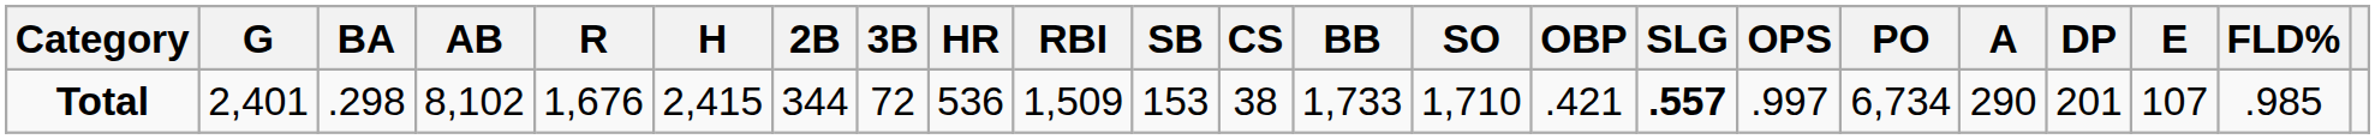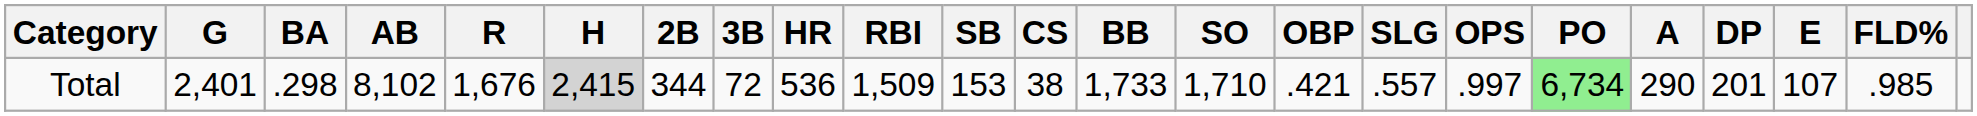 <table class="wikitable"  style="font-size: 95%; text-align:center;">
 <tr>
 <th>Category</th>
 <th>G</th>
 <th>BA</th>
 <th>AB</th>
 <th>R</th>
 <th>H</th>
 <th>2B</th>
 <th>3B</th>
 <th>HR</th>
 <th>RBI</th>
 <th>SB</th>
 <th>CS</th>
 <th>BB</th>
 <th>SO</th>
 <th>OBP</th>
 <th>SLG</th>
 <th>OPS</th>
 <th>PO</th>
 <th>A</th>
 <th>DP</th>
 <th>E</th>
 <th>FLD%</th>
 <th></th>
 </tr>
 <tr>
-<td><strong>Total</strong></td>
+<td>Total</td>
 <td>2,401</td>
 <td>.298</td>
 <td>8,102</td>
 <td>1,676</td>
-<td>2,415</td>
+<td style="background: lightgrey;">2,415</td>
 <td>344</td>
 <td>72</td>
 <td>536</td>
 <td>1,509</td>
 <td>153</td>
 <td>38</td>
 <td>1,733</td>
 <td>1,710</td>
 <td>.421</td>
-<td><strong>.557</strong></td>
+<td>.557</td>
 <td>.997</td>
-<td>6,734</td>
+<td style="background: lightgreen;">6,734</td>
 <td>290</td>
 <td>201</td>
 <td>107</td>
 <td>.985</td>
 <td></td>
 </tr>
 </table>
